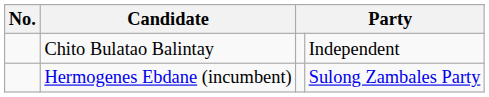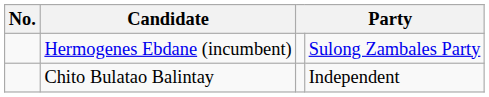 <table class="wikitable sortable" style="text-align:left;">
 <tr>
 <th>No.</th>
 <th>Candidate</th>
 <th colspan="2">Party</th>
 </tr>
 <tr>
 <td></td>
+<td><a href='#'>Hermogenes Ebdane</a> (incumbent)</td>
+<td></td>
+<td><a href='#'>Sulong Zambales Party</a></td>
+</tr>
+<tr>
+<td></td>
 <td>Chito Bulatao Balintay</td>
 <td></td>
 <td>Independent</td>
 </tr>
-<tr>
-<td></td>
-<td><a href='#'>Hermogenes Ebdane</a> (incumbent)</td>
-<td></td>
-<td><a href='#'>Sulong Zambales Party</a></td>
-</tr>
 </table>
